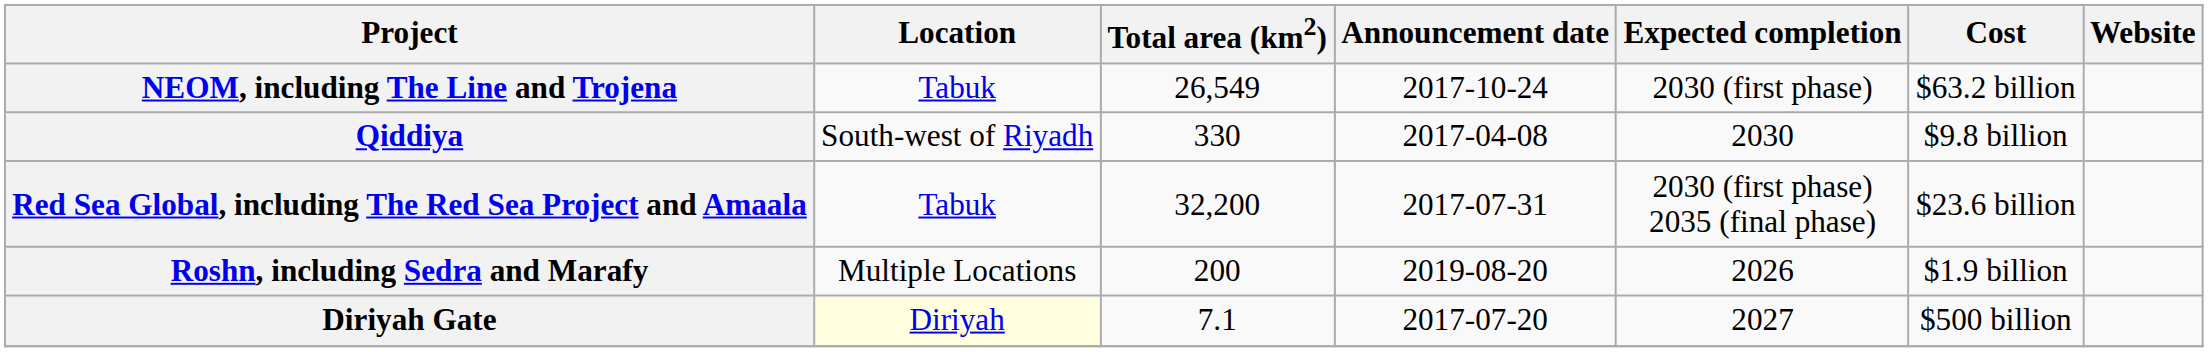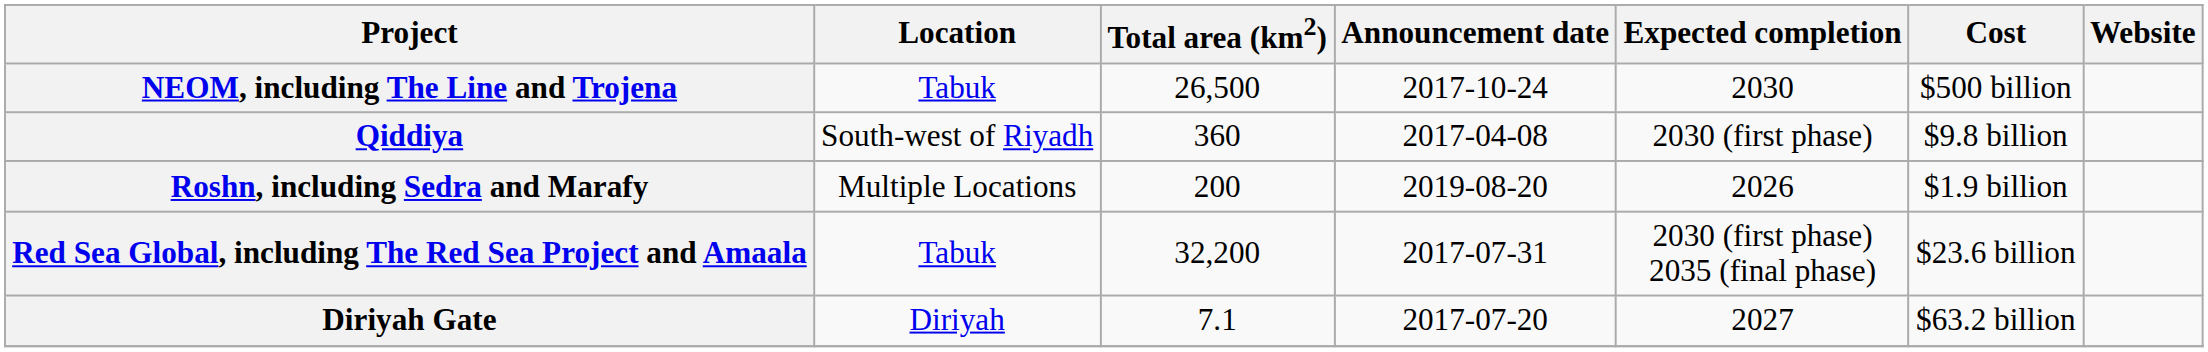 <table class="wikitable sortable" style="text-align:center;">
 <tr>
 <th>Project</th>
 <th>Location</th>
 <th>Total area (km<sup>2</sup>)</th>
 <th>Announcement date</th>
 <th>Expected completion</th>
 <th>Cost</th>
 <th>Website</th>
 </tr>
 <tr>
 <th><a href='#'>NEOM</a>, including <a href='#'>The Line</a> and <a href='#'>Trojena</a></th>
 <td><a href='#'>Tabuk</a></td>
-<td>26,549</td>
+<td>26,500</td>
 <td>2017-10-24</td>
-<td>2030 (first phase)</td>
-<td>$63.2 billion</td>
+<td>2030</td>
+<td>$500 billion</td>
 <td></td>
 </tr>
 <tr>
 <th><a href='#'>Qiddiya</a></th>
 <td>South-west of <a href='#'>Riyadh</a></td>
-<td>330</td>
+<td>360</td>
 <td>2017-04-08</td>
-<td>2030</td>
+<td>2030 (first phase)</td>
 <td>$9.8 billion</td>
+<td></td>
+</tr>
+<tr>
+<th><a href='#'>Roshn</a>, including <a href='#'>Sedra</a> and Marafy</th>
+<td>Multiple Locations</td>
+<td>200</td>
+<td>2019-08-20</td>
+<td>2026</td>
+<td>$1.9 billion</td>
 <td></td>
 </tr>
 <tr>
 <th><a href='#'>Red Sea Global</a>, including <a href='#'>The Red Sea Project</a> and <a href='#'>Amaala</a></th>
 <td><a href='#'>Tabuk</a></td>
 <td>32,200</td>
 <td>2017-07-31</td>
 <td>2030 (first phase)<br>2035 (final phase)</td>
 <td>$23.6 billion</td>
 <td></td>
 </tr>
 <tr>
-<th><a href='#'>Roshn</a>, including <a href='#'>Sedra</a> and Marafy</th>
-<td>Multiple Locations</td>
-<td>200</td>
-<td>2019-08-20</td>
-<td>2026</td>
-<td>$1.9 billion</td>
-<td></td>
-</tr>
-<tr>
 <th>Diriyah Gate</th>
-<td style="background: lightyellow;"><a href='#'>Diriyah</a></td>
+<td><a href='#'>Diriyah</a></td>
 <td>7.1</td>
 <td>2017-07-20</td>
 <td>2027</td>
-<td>$500 billion</td>
+<td>$63.2 billion</td>
 <td></td>
 </tr>
 <tr>
 </tr>
 </table>
